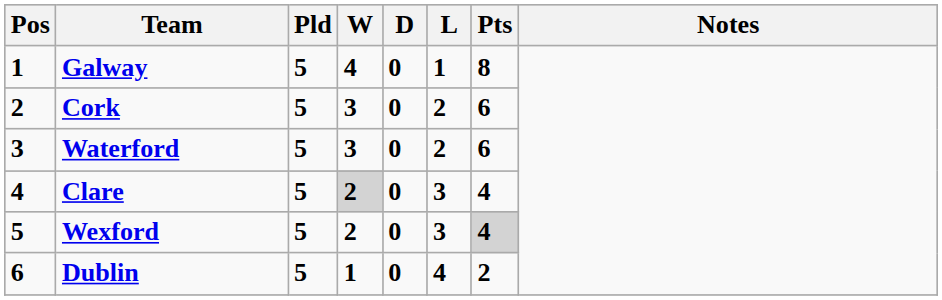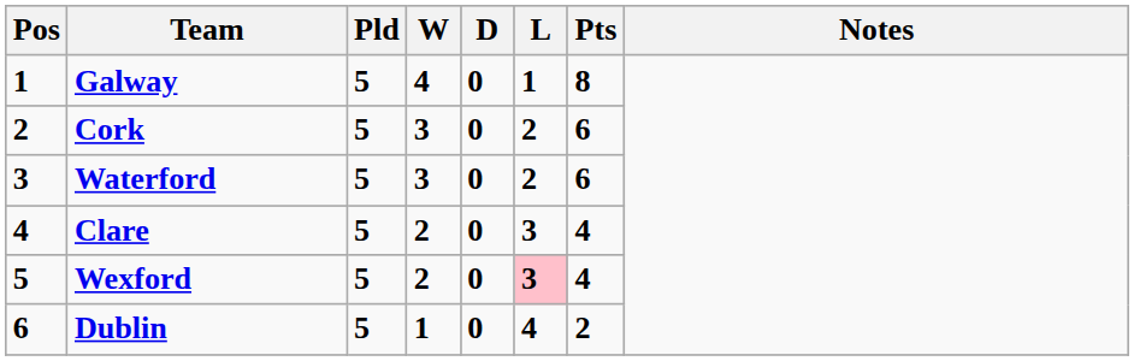 <table class="wikitable" style="text-align: centre;">
 <tr>
 <th width=20>Pos</th>
 <th width=135>Team</th>
 <th width=20>Pld</th>
 <th width=20>W</th>
 <th width=20>D</th>
 <th width=20>L</th>
 <th width=20>Pts</th>
 <th width=250>Notes</th>
 </tr>
 <tr>
 <td><strong>1</strong></td>
 <td align=left><strong> <a href='#'>Galway</a> </strong></td>
 <td><strong>5</strong></td>
 <td><strong>4</strong></td>
 <td><strong>0</strong></td>
 <td><strong>1</strong></td>
 <td><strong>8</strong></td>
 </tr>
 <tr>
 <td><strong>2</strong></td>
 <td align=left><strong> <a href='#'>Cork</a> </strong></td>
 <td><strong>5</strong></td>
 <td><strong>3</strong></td>
 <td><strong>0</strong></td>
 <td><strong>2</strong></td>
 <td><strong>6</strong></td>
 </tr>
 <tr>
 <td><strong>3</strong></td>
 <td align=left><strong> <a href='#'>Waterford</a> </strong></td>
 <td><strong>5</strong></td>
 <td><strong>3</strong></td>
 <td><strong>0</strong></td>
 <td><strong>2</strong></td>
 <td><strong>6</strong></td>
 </tr>
 <tr>
 <td><strong>4</strong></td>
 <td align=left><strong> <a href='#'>Clare</a> </strong></td>
 <td><strong>5</strong></td>
-<td style="background: lightgrey;"><strong>2</strong></td>
+<td><strong>2</strong></td>
 <td><strong>0</strong></td>
 <td><strong>3</strong></td>
 <td><strong>4</strong></td>
 </tr>
 <tr>
 <td><strong>5</strong></td>
 <td align=left><strong> <a href='#'>Wexford</a> </strong></td>
 <td><strong>5</strong></td>
 <td><strong>2</strong></td>
 <td><strong>0</strong></td>
-<td><strong>3</strong></td>
-<td style="background: lightgrey;"><strong>4</strong></td>
+<td style="background: pink;"><strong>3</strong></td>
+<td><strong>4</strong></td>
 </tr>
 <tr>
 <td><strong>6</strong></td>
 <td align=left><strong> <a href='#'>Dublin</a> </strong></td>
 <td><strong>5</strong></td>
 <td><strong>1</strong></td>
 <td><strong>0</strong></td>
 <td><strong>4</strong></td>
 <td><strong>2</strong></td>
 </tr>
 </table>
